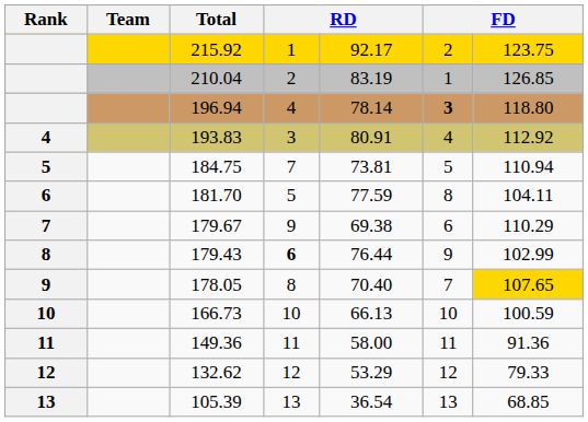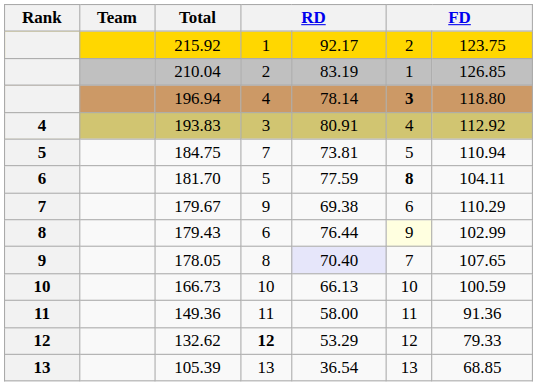 <table class="wikitable sortable" style="text-align:left; width:80%">
 <tr>
 <th scope="col">Rank</th>
 <th scope="col">Team</th>
 <th scope="col">Total</th>
 <th scope="col" colspan="2" width="80px"><a href='#'>RD</a></th>
 <th scope="col" colspan="2" width="80px"><a href='#'>FD</a></th>
 </tr>
 <tr bgcolor="gold">
 <th scope="row"></th>
 <td></td>
 <td align="center">215.92</td>
 <td align="center">1</td>
 <td align="center">92.17</td>
 <td align="center">2</td>
 <td align="center">123.75</td>
 </tr>
 <tr bgcolor="silver">
 <th scope="row"></th>
 <td></td>
 <td align="center">210.04</td>
 <td align="center">2</td>
 <td align="center">83.19</td>
 <td align="center">1</td>
 <td align="center">126.85</td>
 </tr>
 <tr bgcolor="cc9966">
 <th scope="row"></th>
 <td></td>
 <td align="center">196.94</td>
 <td align="center">4</td>
 <td align="center">78.14</td>
 <td align="center"><strong>3</strong></td>
 <td align="center">118.80</td>
 </tr>
 <tr bgcolor="#d1c571">
 <th scope="row">4</th>
 <td></td>
 <td align="center">193.83</td>
 <td align="center">3</td>
 <td align="center">80.91</td>
 <td align="center">4</td>
 <td align="center">112.92</td>
 </tr>
 <tr>
 <th scope="row">5</th>
 <td></td>
 <td align="center">184.75</td>
 <td align="center">7</td>
 <td align="center">73.81</td>
 <td align="center">5</td>
 <td align="center">110.94</td>
 </tr>
 <tr>
 <th scope="row">6</th>
 <td></td>
 <td align="center">181.70</td>
 <td align="center">5</td>
 <td align="center">77.59</td>
-<td align="center">8</td>
+<td align="center"><strong>8</strong></td>
 <td align="center">104.11</td>
 </tr>
 <tr>
 <th scope="row">7</th>
 <td></td>
 <td align="center">179.67</td>
 <td align="center">9</td>
 <td align="center">69.38</td>
 <td align="center">6</td>
 <td align="center">110.29</td>
 </tr>
 <tr>
 <th scope="row">8</th>
 <td></td>
 <td align="center">179.43</td>
-<td align="center"><strong>6</strong></td>
+<td align="center">6</td>
 <td align="center">76.44</td>
-<td align="center">9</td>
+<td align="center" style="background: lightyellow;">9</td>
 <td align="center">102.99</td>
 </tr>
 <tr>
 <th scope="row">9</th>
 <td></td>
 <td align="center">178.05</td>
 <td align="center">8</td>
-<td align="center">70.40</td>
+<td align="center" style="background: lavender;">70.40</td>
 <td align="center">7</td>
-<td align="center" style="background: gold;">107.65</td>
+<td align="center">107.65</td>
 </tr>
 <tr>
 <th scope="row">10</th>
 <td></td>
 <td align="center">166.73</td>
 <td align="center">10</td>
 <td align="center">66.13</td>
 <td align="center">10</td>
 <td align="center">100.59</td>
 </tr>
 <tr>
 <th scope="row">11</th>
 <td></td>
 <td align="center">149.36</td>
 <td align="center">11</td>
 <td align="center">58.00</td>
 <td align="center">11</td>
 <td align="center">91.36</td>
 </tr>
 <tr>
 <th scope="row">12</th>
 <td></td>
 <td align="center">132.62</td>
-<td align="center">12</td>
+<td align="center"><strong>12</strong></td>
 <td align="center">53.29</td>
 <td align="center">12</td>
 <td align="center">79.33</td>
 </tr>
 <tr>
 <th scope="row">13</th>
 <td></td>
 <td align="center">105.39</td>
 <td align="center">13</td>
 <td align="center">36.54</td>
 <td align="center">13</td>
 <td align="center">68.85</td>
 </tr>
 </table>
